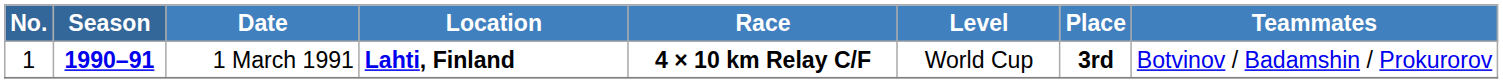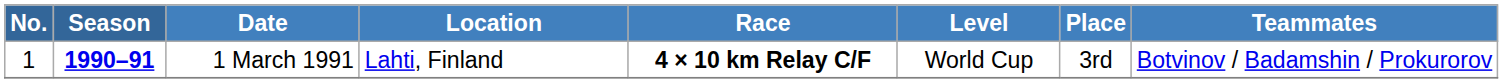 <table class="wikitable sortable" style="font-size:95%; text-align:center; border:grey solid 1px; border-collapse:collapse; background:#ffffff;">
 <tr style="background:#efefef;">
 <th style="background-color:#369; color:white;">No.</th>
 <th style="background-color:#369; color:white;">Season</th>
 <th style="background-color:#4180be; color:white; width:120px;">Date</th>
 <th style="background-color:#4180be; color:white; width:170px;">Location</th>
 <th style="background-color:#4180be; color:white; width:170px;">Race</th>
 <th style="background-color:#4180be; color:white; width:100px;">Level</th>
 <th style="background-color:#4180be; color:white;">Place</th>
 <th style="background-color:#4180be; color:white;">Teammates</th>
 </tr>
 <tr>
 <td align=center>1</td>
 <td rowspan=1 align=center><strong> <a href='#'>1990–91</a> </strong></td>
 <td align=right>1 March 1991</td>
-<td align=left><strong> <a href='#'>Lahti</a>, Finland</strong></td>
+<td align=left> <a href='#'>Lahti</a>, Finland</td>
 <td><strong>4 × 10 km Relay C/F</strong></td>
 <td>World Cup</td>
-<td><strong>3rd</strong></td>
+<td>3rd</td>
 <td><a href='#'>Botvinov</a> / <a href='#'>Badamshin</a> / <a href='#'>Prokurorov</a></td>
 </tr>
 <tr>
 </tr>
 </table>
